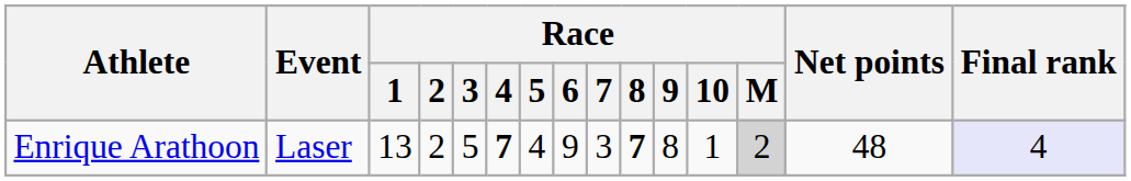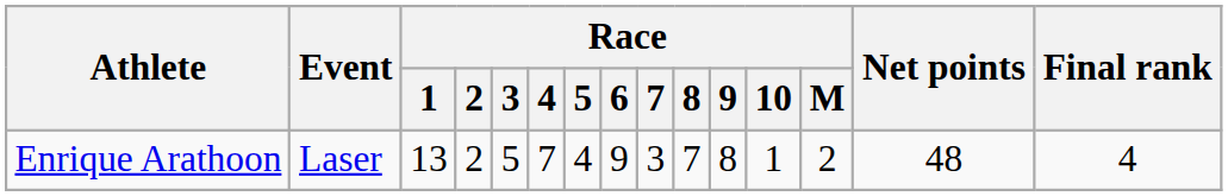 <table class="wikitable" border="1" style="font-size:90%">
 <tr>
 <th rowspan=2>Athlete</th>
 <th rowspan=2>Event</th>
 <th colspan=11>Race</th>
 <th rowspan=2>Net points</th>
 <th rowspan=2>Final rank</th>
 </tr>
 <tr>
 <th>1</th>
 <th>2</th>
 <th>3</th>
 <th>4</th>
 <th>5</th>
 <th>6</th>
 <th>7</th>
 <th>8</th>
 <th>9</th>
 <th>10</th>
 <th>M</th>
 </tr>
 <tr align=center>
 <td align=left><a href='#'>Enrique Arathoon</a></td>
 <td align=left><a href='#'>Laser</a></td>
 <td>13</td>
 <td>2</td>
 <td>5</td>
-<td><strong>7</strong></td>
+<td>7</td>
 <td>4</td>
 <td>9</td>
 <td>3</td>
-<td><strong>7</strong></td>
+<td>7</td>
 <td>8</td>
 <td>1</td>
-<td style="background: lightgrey;">2</td>
+<td>2</td>
 <td>48</td>
-<td style="background: lavender;">4</td>
+<td>4</td>
 </tr>
 </table>
